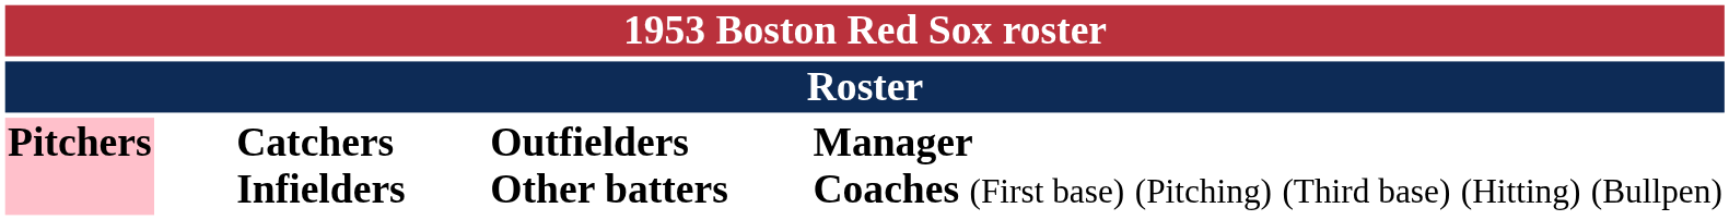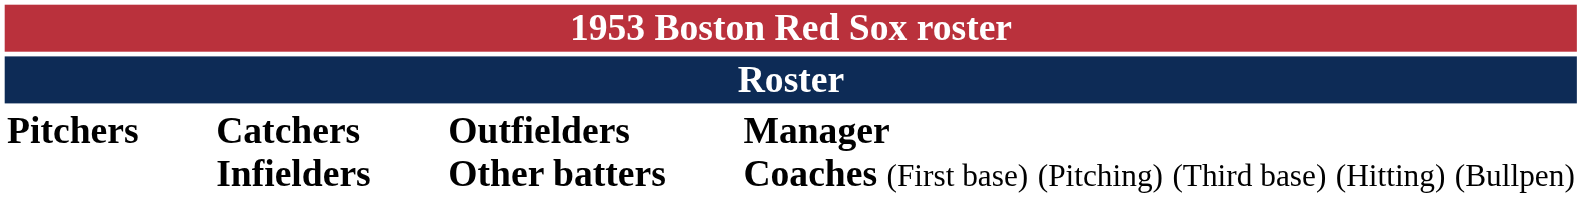 <table class="toccolours" style="text-align: left;">
 <tr>
 <th colspan="10" style="background-color: #ba313c; color: white; text-align: center;">1953 Boston Red Sox roster</th>
 </tr>
 <tr>
 <td colspan="10" style="background-color:#0d2b56; color: white; text-align: center;"><strong>Roster</strong></td>
 </tr>
 <tr>
-<td valign="top" style="background: pink;"><strong>Pitchers</strong><br>              </td>
+<td valign="top"><strong>Pitchers</strong><br>              </td>
 <td width="25px"></td>
 <td valign="top"><strong>Catchers</strong><br>   <strong>Infielders</strong>          </td>
 <td width="25px"></td>
 <td valign="top"><strong>Outfielders</strong><br>       <strong>Other batters</strong>  </td>
 <td width="25px"></td>
 <td valign="top"><strong>Manager</strong><br> <strong>Coaches</strong>  <small>(First base)</small>  <small>(Pitching)</small>  <small>(Third base)</small>  <small>(Hitting)</small>  <small>(Bullpen)</small></td>
 </tr>
 <tr>
 </tr>
 </table>
